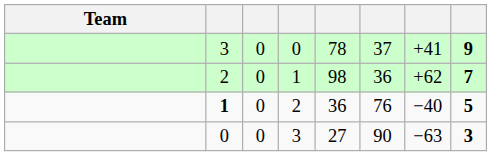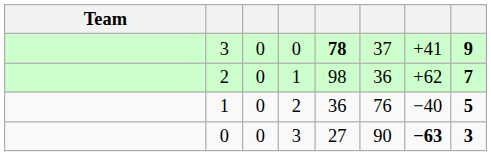 <table class="wikitable" style="text-align:center;">
 <tr>
 <th style="width:10.5em;">Team</th>
 <th style="width:1.5em;"></th>
 <th style="width:1.5em;"></th>
 <th style="width:1.5em;"></th>
 <th style="width:2.0em;"></th>
 <th style="width:2.0em;"></th>
 <th style="width:2.0em;"></th>
 <th style="width:1.5em;"></th>
 </tr>
 <tr bgcolor=#cfc>
 <td align="left"></td>
 <td>3</td>
 <td>0</td>
 <td>0</td>
-<td>78</td>
+<td><strong>78</strong></td>
 <td>37</td>
 <td>+41</td>
 <td><strong>9</strong></td>
 </tr>
 <tr bgcolor=#cfc>
 <td align="left"></td>
 <td>2</td>
 <td>0</td>
 <td>1</td>
 <td>98</td>
 <td>36</td>
 <td>+62</td>
 <td><strong>7</strong></td>
 </tr>
 <tr>
 <td align="left"></td>
-<td><strong>1</strong></td>
+<td>1</td>
 <td>0</td>
 <td>2</td>
 <td>36</td>
 <td>76</td>
 <td>−40</td>
 <td><strong>5</strong></td>
 </tr>
 <tr>
 <td align="left"></td>
 <td>0</td>
 <td>0</td>
 <td>3</td>
 <td>27</td>
 <td>90</td>
-<td>−63</td>
+<td><strong>−63</strong></td>
 <td><strong>3</strong></td>
 </tr>
 </table>
